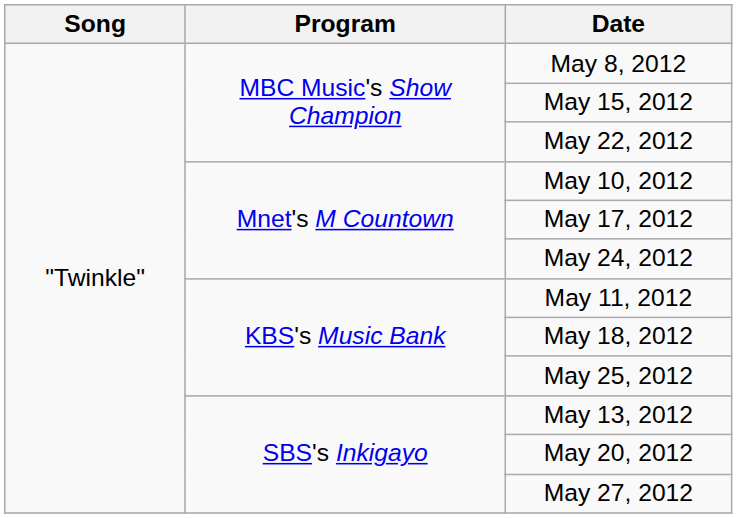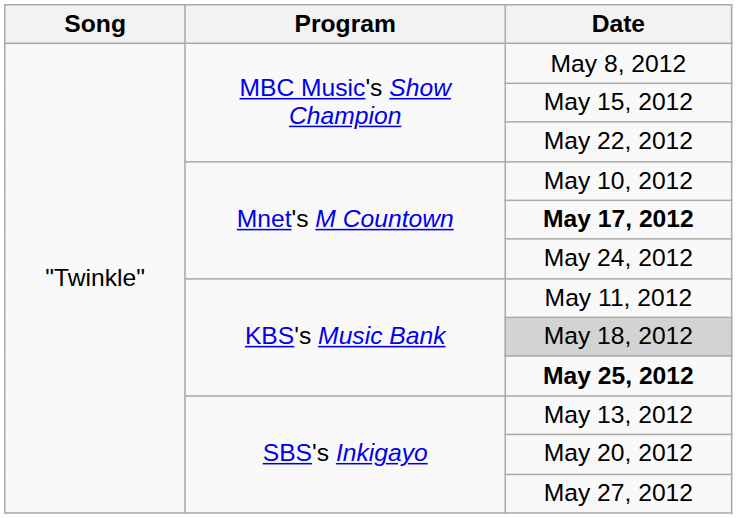 <table class="wikitable" style="text-align:center">
 <tr>
 <th width="110">Song</th>
 <th width="200">Program</th>
 <th width="140">Date</th>
 </tr>
 <tr>
 <td rowspan="12">"Twinkle"</td>
 <td rowspan="3"><a href='#'>MBC Music</a>'s <em><a href='#'>Show Champion</a></em></td>
 <td>May 8, 2012</td>
 </tr>
 <tr>
 <td>May 15, 2012</td>
 </tr>
 <tr>
 <td>May 22, 2012</td>
 </tr>
 <tr>
 <td rowspan="3"><a href='#'>Mnet</a>'s <a href='#'><em>M Countown</em></a></td>
 <td>May 10, 2012</td>
 </tr>
 <tr>
-<td>May 17, 2012</td>
+<td><strong>May 17, 2012</strong></td>
 </tr>
 <tr>
 <td>May 24, 2012</td>
 </tr>
 <tr>
 <td rowspan="3"><a href='#'>KBS</a>'s <a href='#'><em>Music Bank</em></a></td>
 <td>May 11, 2012</td>
 </tr>
 <tr>
-<td>May 18, 2012</td>
+<td style="background: lightgrey;">May 18, 2012</td>
 </tr>
 <tr>
-<td>May 25, 2012</td>
+<td><strong>May 25, 2012</strong></td>
 </tr>
 <tr>
 <td rowspan="3"><a href='#'>SBS</a>'s <em><a href='#'>Inkigayo</a></em></td>
 <td>May 13, 2012</td>
 </tr>
 <tr>
 <td>May 20, 2012</td>
 </tr>
 <tr>
 <td>May 27, 2012</td>
 </tr>
 </table>
